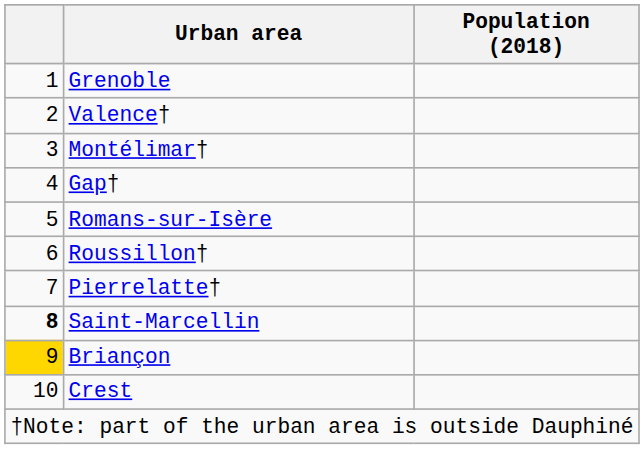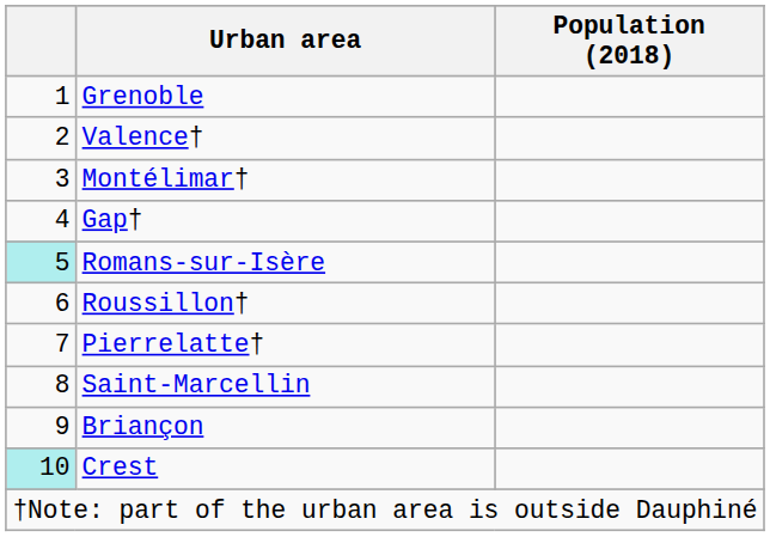 <table class="wikitable" style="margin:1em auto;">
 <tr style="text-align:center; background:#ccc;">
 <th></th>
 <th>Urban area</th>
 <th>Population<br>(2018)</th>
 </tr>
 <tr style="text-align:right;">
 <td>1</td>
 <td style="text-align:left;"><a href='#'>Grenoble</a></td>
 <td></td>
 </tr>
 <tr align="right">
 <td>2</td>
 <td style="text-align:left;"><a href='#'>Valence</a>†</td>
 <td></td>
 </tr>
 <tr align="right">
 <td>3</td>
 <td style="text-align:left;"><a href='#'>Montélimar</a>†</td>
 <td></td>
 </tr>
 <tr align="right">
 <td>4</td>
 <td style="text-align:left;"><a href='#'>Gap</a>†</td>
 <td></td>
 </tr>
 <tr style="text-align:right;">
-<td>5</td>
+<td style="background: paleturquoise;">5</td>
 <td style="text-align:left;"><a href='#'>Romans-sur-Isère</a></td>
 <td></td>
 </tr>
 <tr align="right">
 <td>6</td>
 <td style="text-align:left;"><a href='#'>Roussillon</a>†</td>
 <td></td>
 </tr>
 <tr align="right">
 <td>7</td>
 <td style="text-align:left;"><a href='#'>Pierrelatte</a>†</td>
 <td></td>
 </tr>
 <tr style="text-align:right;">
-<td><strong>8</strong></td>
+<td>8</td>
 <td style="text-align:left;"><a href='#'>Saint-Marcellin</a></td>
 <td></td>
 </tr>
 <tr align="right">
-<td style="background: gold;">9</td>
+<td>9</td>
 <td style="text-align:left;"><a href='#'>Briançon</a></td>
 <td></td>
 </tr>
 <tr style="text-align:right;">
-<td>10</td>
+<td style="background: paleturquoise;">10</td>
 <td style="text-align:left;"><a href='#'>Crest</a></td>
 <td></td>
 </tr>
 <tr>
 <td colspan=3>†Note: part of the urban area is outside Dauphiné</td>
 </tr>
 </table>
